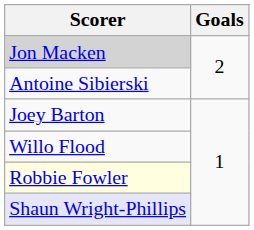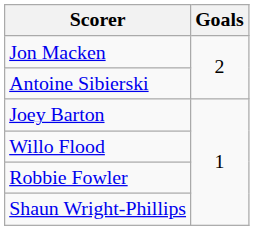 <table class="wikitable">
 <tr>
 <th>Scorer</th>
 <th>Goals</th>
 </tr>
 <tr>
-<td style="background: lightgrey;"> <a href='#'>Jon Macken</a></td>
+<td> <a href='#'>Jon Macken</a></td>
 <td rowspan="2" align=center>2</td>
 </tr>
 <tr>
 <td> <a href='#'>Antoine Sibierski</a></td>
 </tr>
 <tr>
 <td> <a href='#'>Joey Barton</a></td>
 <td rowspan="4" align=center>1</td>
 </tr>
 <tr>
 <td> <a href='#'>Willo Flood</a></td>
 </tr>
 <tr>
-<td style="background: lightyellow;"> <a href='#'>Robbie Fowler</a></td>
+<td> <a href='#'>Robbie Fowler</a></td>
 </tr>
 <tr>
-<td style="background: lavender;"> <a href='#'>Shaun Wright-Phillips</a></td>
+<td> <a href='#'>Shaun Wright-Phillips</a></td>
 </tr>
 </table>
